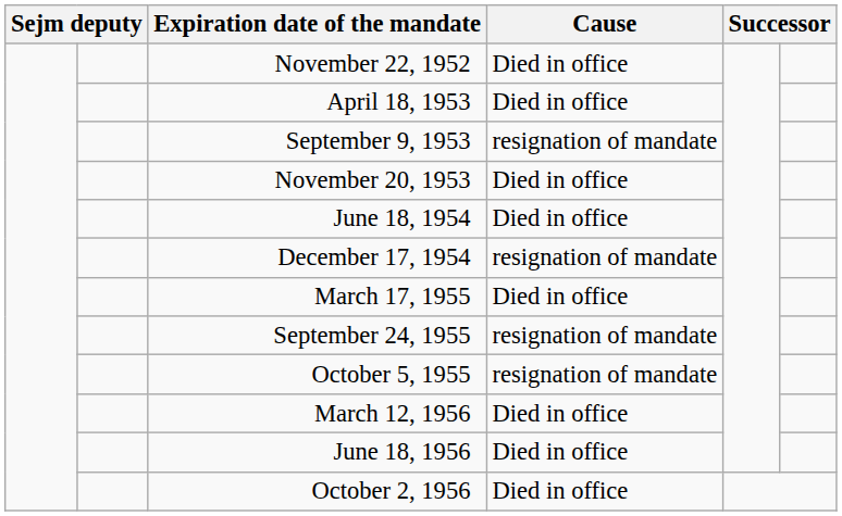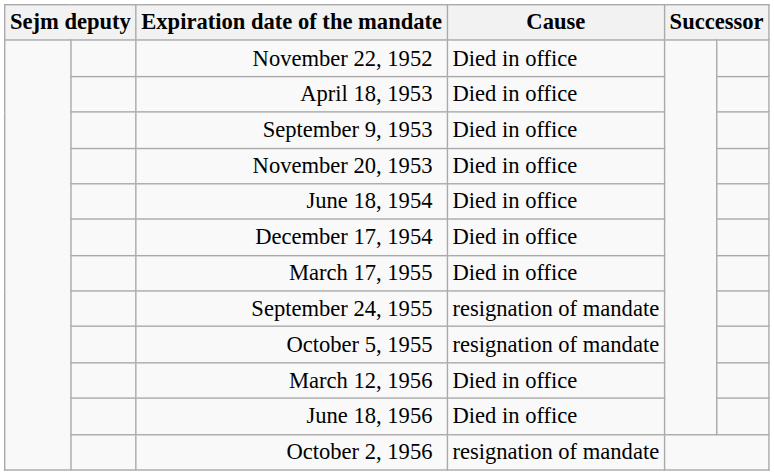 <table class="sortable wikitable">
 <tr>
 <th colspan=2>Sejm deputy</th>
 <th>Expiration date of the mandate</th>
 <th>Cause</th>
 <th colspan=2>Successor</th>
 </tr>
 <tr>
 <td rowspan=12 style="background: "></td>
 <td><em></em></td>
 <td align="right" style="padding-right:10px">November 22, 1952</td>
 <td>Died in office</td>
 <td rowspan=11 style="background: "></td>
 <td></td>
 </tr>
 <tr>
 <td></td>
 <td align="right" style="padding-right:10px">April 18, 1953</td>
 <td>Died in office</td>
 <td></td>
 </tr>
 <tr>
 <td></td>
 <td align="right" style="padding-right:10px">September 9, 1953</td>
-<td>resignation of mandate</td>
+<td>Died in office</td>
 <td></td>
 </tr>
 <tr>
 <td></td>
 <td align="right" style="padding-right:10px">November 20, 1953</td>
 <td>Died in office</td>
 <td></td>
 </tr>
 <tr>
 <td></td>
 <td align="right" style="padding-right:10px">June 18, 1954</td>
 <td>Died in office</td>
 <td></td>
 </tr>
 <tr>
 <td></td>
 <td align="right" style="padding-right:10px">December 17, 1954</td>
-<td>resignation of mandate</td>
+<td>Died in office</td>
 <td></td>
 </tr>
 <tr>
 <td></td>
 <td align="right" style="padding-right:10px">March 17, 1955</td>
 <td>Died in office</td>
 <td></td>
 </tr>
 <tr>
 <td></td>
 <td align="right" style="padding-right:10px">September 24, 1955</td>
 <td>resignation of mandate</td>
 <td></td>
 </tr>
 <tr>
 <td></td>
 <td align="right" style="padding-right:10px">October 5, 1955</td>
 <td>resignation of mandate</td>
 <td></td>
 </tr>
 <tr>
 <td></td>
 <td align="right" style="padding-right:10px">March 12, 1956</td>
 <td>Died in office</td>
 <td></td>
 </tr>
 <tr>
 <td></td>
 <td align="right" style="padding-right:10px">June 18, 1956</td>
 <td>Died in office</td>
 <td></td>
 </tr>
 <tr>
 <td></td>
 <td align="right" style="padding-right:10px">October 2, 1956</td>
-<td>Died in office</td>
+<td>resignation of mandate</td>
 <td style="border-right-style:hidden"></td>
 <td></td>
 </tr>
 </table>
